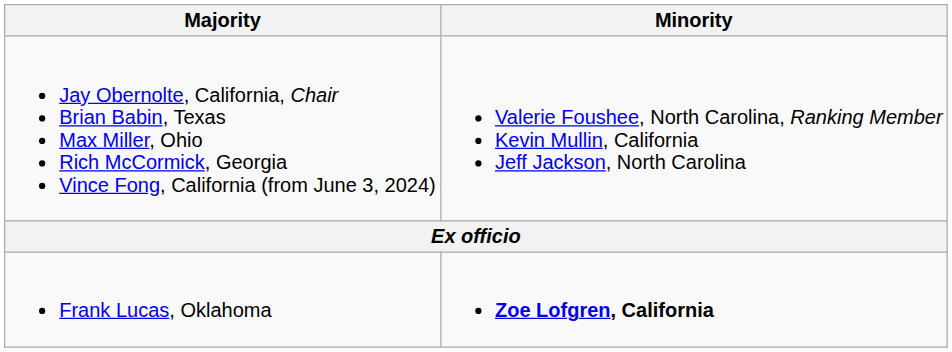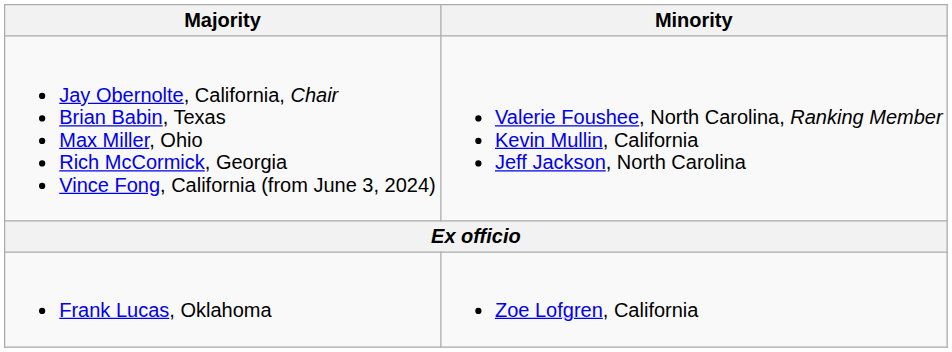 <table class=wikitable>
 <tr>
 <th>Majority</th>
 <th>Minority</th>
 </tr>
 <tr>
 <td><br><ul><li><a href='#'>Jay Obernolte</a>, California, <em>Chair</em></li><li><a href='#'>Brian Babin</a>, Texas</li><li><a href='#'>Max Miller</a>, Ohio</li><li><a href='#'>Rich McCormick</a>, Georgia</li><li><a href='#'>Vince Fong</a>, California (from June 3, 2024)</li></ul></td>
 <td><br><ul><li><a href='#'>Valerie Foushee</a>, North Carolina, <em>Ranking Member</em></li><li><a href='#'>Kevin Mullin</a>, California</li><li><a href='#'>Jeff Jackson</a>, North Carolina</li></ul></td>
 </tr>
 <tr>
 <th colspan=2><em>Ex officio</em></th>
 </tr>
 <tr>
 <td><br><ul><li><a href='#'>Frank Lucas</a>, Oklahoma</li></ul></td>
-<td><strong><br><ul><li><a href='#'>Zoe Lofgren</a>, California</li></ul></strong></td>
+<td><br><ul><li><a href='#'>Zoe Lofgren</a>, California</li></ul></td>
 </tr>
 </table>
